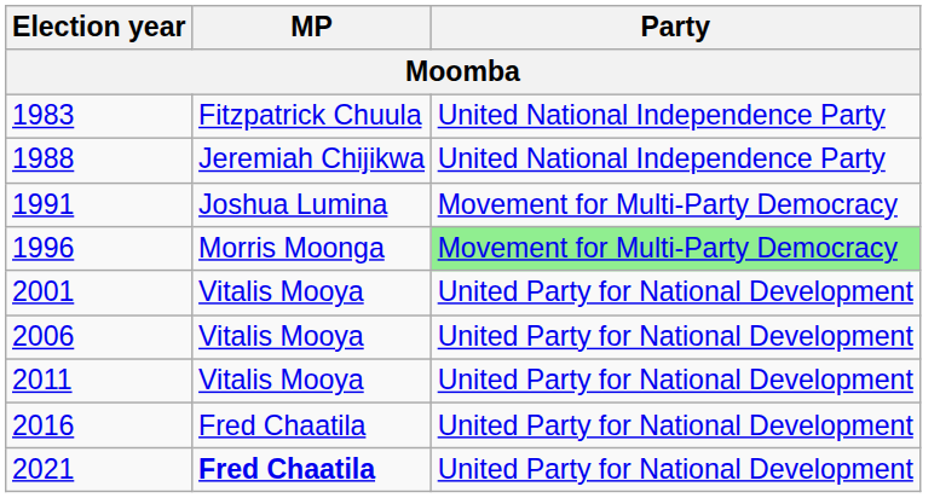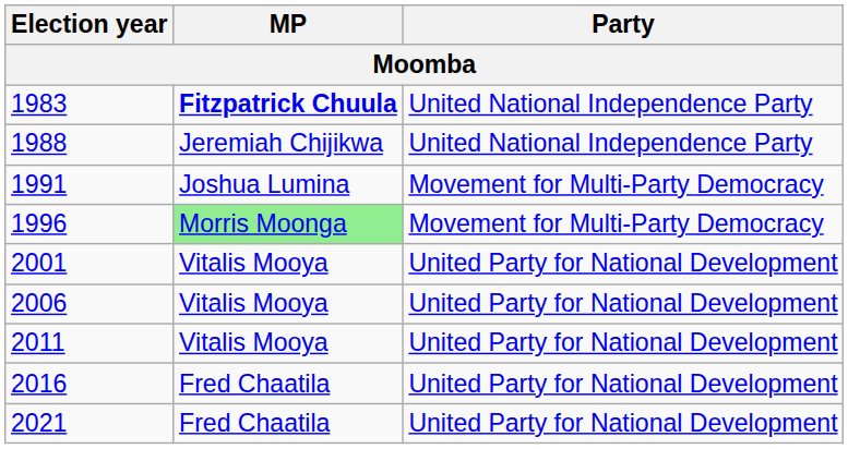 <table class="wikitable">
 <tr>
 <th>Election year</th>
 <th>MP</th>
 <th>Party</th>
 </tr>
 <tr>
 <th colspan="3"><strong>Moomba</strong></th>
 </tr>
 <tr>
 <td><a href='#'>1983</a></td>
-<td><a href='#'>Fitzpatrick Chuula</a></td>
+<td><strong><a href='#'>Fitzpatrick Chuula</a></strong></td>
 <td><a href='#'>United National Independence Party</a></td>
 </tr>
 <tr>
 <td><a href='#'>1988</a></td>
 <td><a href='#'>Jeremiah Chijikwa</a></td>
 <td><a href='#'>United National Independence Party</a></td>
 </tr>
 <tr>
 <td><a href='#'>1991</a></td>
 <td><a href='#'>Joshua Lumina</a></td>
 <td><a href='#'>Movement for Multi-Party Democracy</a></td>
 </tr>
 <tr>
 <td><a href='#'>1996</a></td>
-<td><a href='#'>Morris Moonga</a></td>
-<td style="background: lightgreen;"><a href='#'>Movement for Multi-Party Democracy</a></td>
+<td style="background: lightgreen;"><a href='#'>Morris Moonga</a></td>
+<td><a href='#'>Movement for Multi-Party Democracy</a></td>
 </tr>
 <tr>
 <td><a href='#'>2001</a></td>
 <td><a href='#'>Vitalis Mooya</a></td>
 <td><a href='#'>United Party for National Development</a></td>
 </tr>
 <tr>
 <td><a href='#'>2006</a></td>
 <td><a href='#'>Vitalis Mooya</a></td>
 <td><a href='#'>United Party for National Development</a></td>
 </tr>
 <tr>
 <td><a href='#'>2011</a></td>
 <td><a href='#'>Vitalis Mooya</a></td>
 <td><a href='#'>United Party for National Development</a></td>
 </tr>
 <tr>
 <td><a href='#'>2016</a></td>
 <td><a href='#'>Fred Chaatila</a></td>
 <td><a href='#'>United Party for National Development</a></td>
 </tr>
 <tr>
 <td><a href='#'>2021</a></td>
-<td><strong><a href='#'>Fred Chaatila</a></strong></td>
+<td><a href='#'>Fred Chaatila</a></td>
 <td><a href='#'>United Party for National Development</a></td>
 </tr>
 </table>
